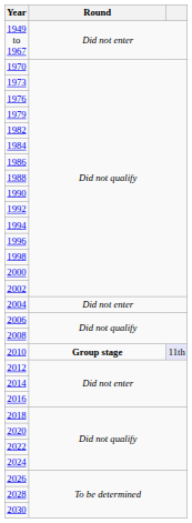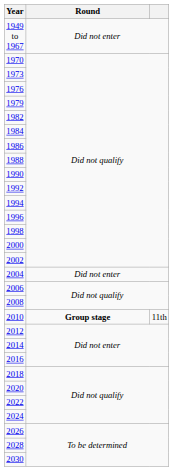 <table class="wikitable" style="text-align: center; font-size:90%">
 <tr>
 <th>Year</th>
 <th style="width:200px">Round</th>
 <th></th>
 </tr>
 <tr>
 <td><a href='#'>1949</a><br>to<br><a href='#'>1967</a></td>
 <td colspan="2"><em>Did not enter</em></td>
 </tr>
 <tr>
 <td><a href='#'>1970</a></td>
 <td colspan="2" rowspan="15"><em>Did not qualify</em></td>
 </tr>
 <tr>
 <td><a href='#'>1973</a></td>
 </tr>
 <tr>
 <td><a href='#'>1976</a></td>
 </tr>
 <tr>
 <td><a href='#'>1979</a></td>
 </tr>
 <tr>
 <td><a href='#'>1982</a></td>
 </tr>
 <tr>
 <td><a href='#'>1984</a></td>
 </tr>
 <tr>
 <td><a href='#'>1986</a></td>
 </tr>
 <tr>
 <td><a href='#'>1988</a></td>
 </tr>
 <tr>
 <td><a href='#'>1990</a></td>
 </tr>
 <tr>
 <td><a href='#'>1992</a></td>
 </tr>
 <tr>
 <td><a href='#'>1994</a></td>
 </tr>
 <tr>
 <td><a href='#'>1996</a></td>
 </tr>
 <tr>
 <td><a href='#'>1998</a></td>
 </tr>
 <tr>
 <td><a href='#'>2000</a></td>
 </tr>
 <tr>
 <td><a href='#'>2002</a></td>
 </tr>
 <tr>
 <td><a href='#'>2004</a></td>
 <td colspan="2"><em>Did not enter</em></td>
 </tr>
 <tr>
 <td><a href='#'>2006</a></td>
 <td colspan="2" rowspan="2"><em>Did not qualify</em></td>
 </tr>
 <tr>
 <td><a href='#'>2008</a></td>
 </tr>
 <tr>
 <td><a href='#'>2010</a></td>
 <td><strong>Group stage</strong></td>
-<td style="background: lavender;">11th</td>
+<td>11th</td>
 </tr>
 <tr>
 <td><a href='#'>2012</a></td>
 <td colspan="2" rowspan="3"><em>Did not enter</em></td>
 </tr>
 <tr>
 <td><a href='#'>2014</a></td>
 </tr>
 <tr>
 <td><a href='#'>2016</a></td>
 </tr>
 <tr>
 <td><a href='#'>2018</a></td>
 <td colspan="2" rowspan="4"><em>Did not qualify</em></td>
 </tr>
 <tr>
 <td><a href='#'>2020</a></td>
 </tr>
 <tr>
 <td><a href='#'>2022</a></td>
 </tr>
 <tr>
 <td><a href='#'>2024</a></td>
 </tr>
 <tr>
 <td><a href='#'>2026</a></td>
 <td colspan="2" rowspan="3"><em>To be determined</em></td>
 </tr>
 <tr>
 <td><a href='#'>2028</a></td>
 </tr>
 <tr>
 <td><a href='#'>2030</a></td>
 </tr>
 </table>
